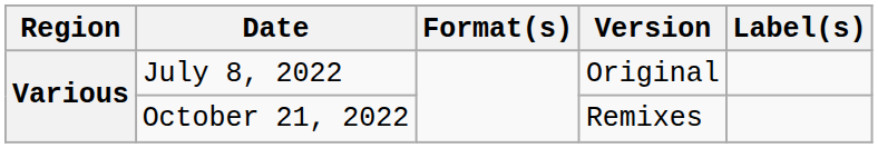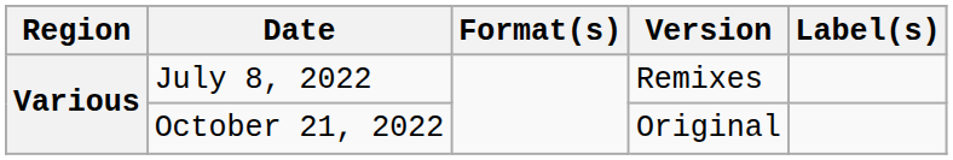 <table class="wikitable plainrowheaders">
 <tr>
 <th scope="col">Region</th>
 <th scope="col">Date</th>
 <th scope="col">Format(s)</th>
 <th scope="col">Version</th>
 <th scope="col">Label(s)</th>
 </tr>
 <tr>
 <th scope="row" rowspan="2">Various</th>
 <td>July 8, 2022</td>
 <td rowspan="2"></td>
-<td>Original</td>
+<td>Remixes</td>
 <td></td>
 </tr>
 <tr>
 <td>October 21, 2022</td>
-<td>Remixes</td>
+<td>Original</td>
 <td></td>
 </tr>
 </table>
